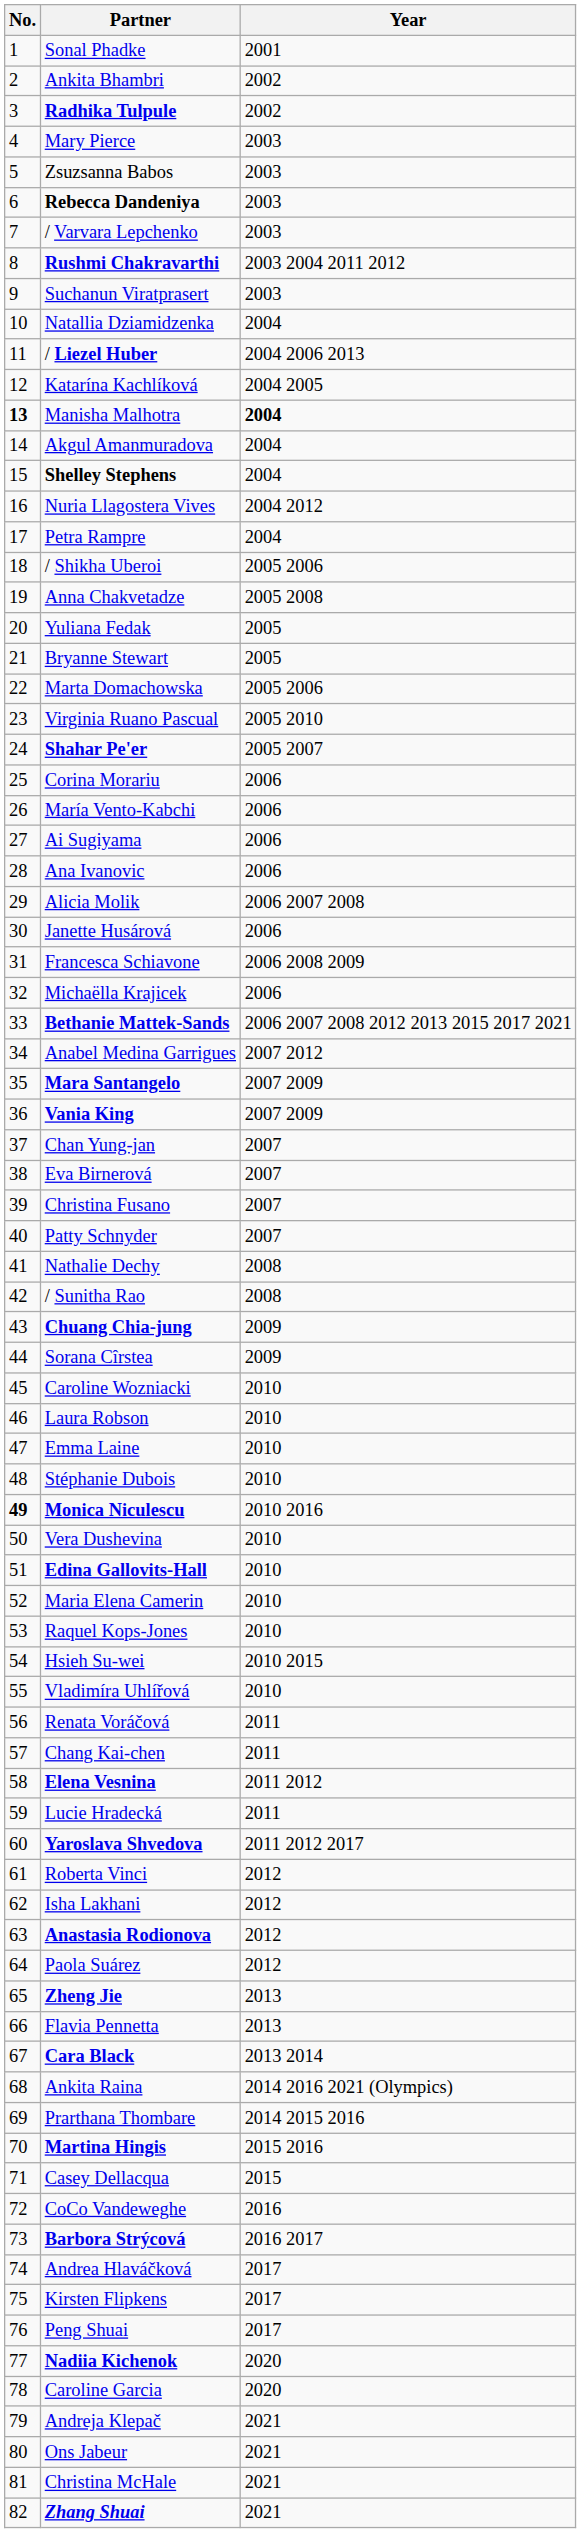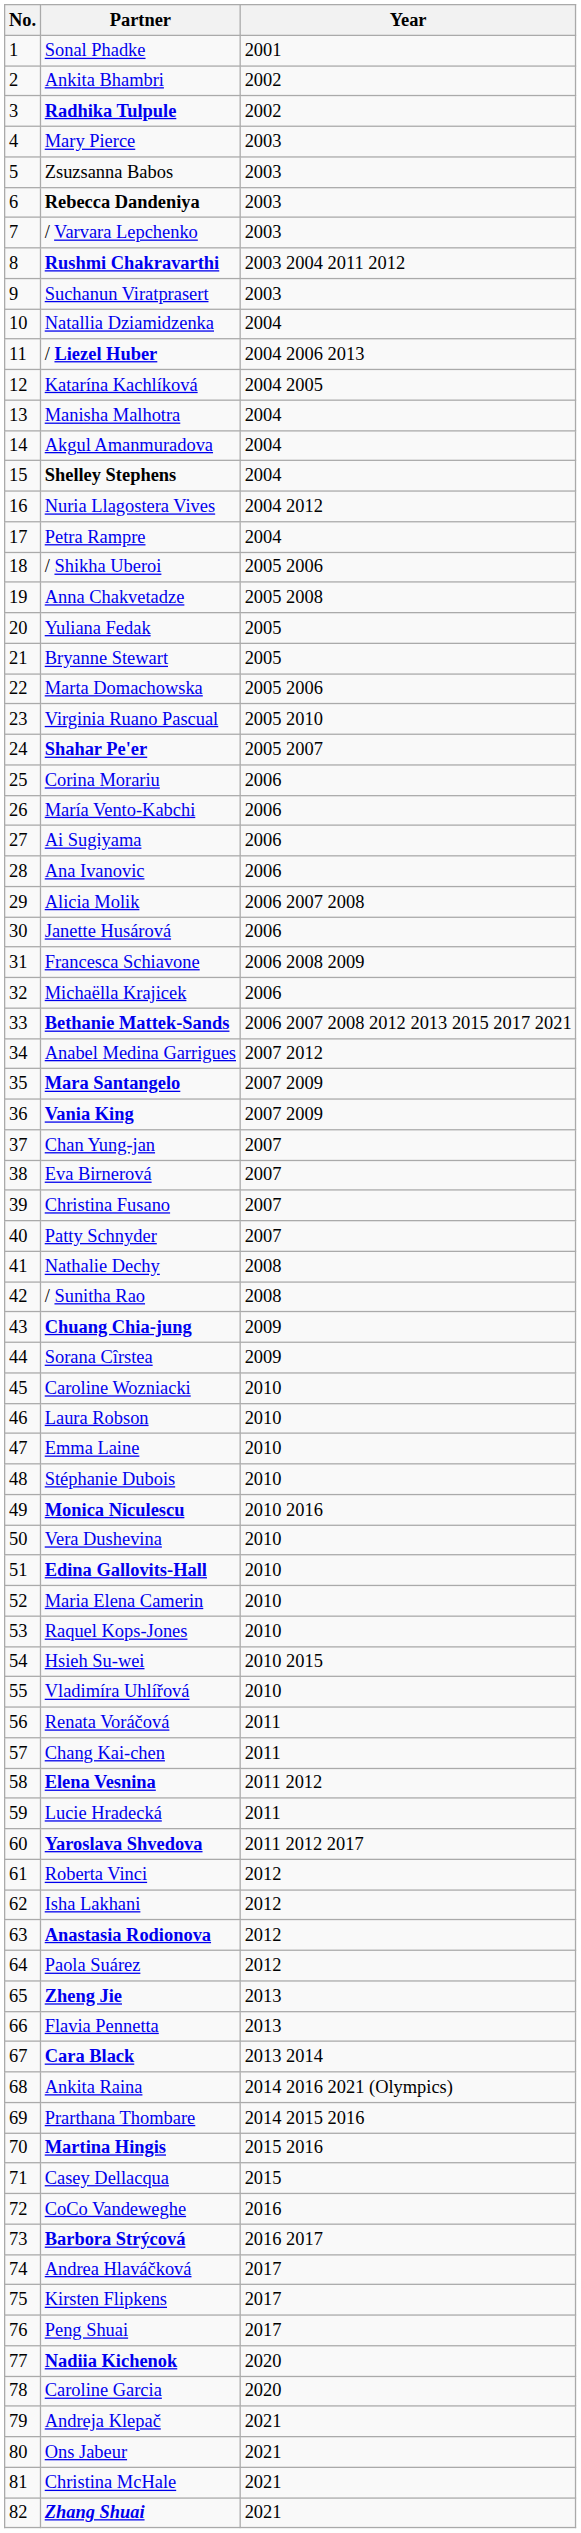 <table class=wikitable style=font-size:90%>
 <tr>
 <th>No.</th>
 <th>Partner</th>
 <th>Year</th>
 </tr>
 <tr>
 <td>1</td>
 <td> <a href='#'>Sonal Phadke</a></td>
 <td>2001</td>
 </tr>
 <tr>
 <td>2</td>
 <td> <a href='#'>Ankita Bhambri</a></td>
 <td>2002</td>
 </tr>
 <tr>
 <td>3</td>
 <td> <strong><a href='#'>Radhika Tulpule</a></strong></td>
 <td>2002</td>
 </tr>
 <tr>
 <td>4</td>
 <td> <a href='#'>Mary Pierce</a></td>
 <td>2003</td>
 </tr>
 <tr>
 <td>5</td>
 <td> Zsuzsanna Babos</td>
 <td>2003</td>
 </tr>
 <tr>
 <td>6</td>
 <td> <strong>Rebecca Dandeniya</strong></td>
 <td>2003</td>
 </tr>
 <tr>
 <td>7</td>
 <td>/ <a href='#'>Varvara Lepchenko</a></td>
 <td>2003</td>
 </tr>
 <tr>
 <td>8</td>
 <td> <strong><a href='#'>Rushmi Chakravarthi</a></strong></td>
 <td>2003 2004 2011 2012</td>
 </tr>
 <tr>
 <td>9</td>
 <td> <a href='#'>Suchanun Viratprasert</a></td>
 <td>2003</td>
 </tr>
 <tr>
 <td>10</td>
 <td> <a href='#'>Natallia Dziamidzenka</a></td>
 <td>2004</td>
 </tr>
 <tr>
 <td>11</td>
 <td>/ <strong><a href='#'>Liezel Huber</a></strong></td>
 <td>2004 2006 2013</td>
 </tr>
 <tr>
 <td>12</td>
 <td> <a href='#'>Katarína Kachlíková</a></td>
 <td>2004 2005</td>
 </tr>
 <tr>
-<td><strong>13</strong></td>
+<td>13</td>
 <td> <a href='#'>Manisha Malhotra</a></td>
-<td><strong>2004</strong></td>
+<td>2004</td>
 </tr>
 <tr>
 <td>14</td>
 <td> <a href='#'>Akgul Amanmuradova</a></td>
 <td>2004</td>
 </tr>
 <tr>
 <td>15</td>
 <td> <strong>Shelley Stephens</strong></td>
 <td>2004</td>
 </tr>
 <tr>
 <td>16</td>
 <td> <a href='#'>Nuria Llagostera Vives</a></td>
 <td>2004 2012</td>
 </tr>
 <tr>
 <td>17</td>
 <td> <a href='#'>Petra Rampre</a></td>
 <td>2004</td>
 </tr>
 <tr>
 <td>18</td>
 <td>/ <a href='#'>Shikha Uberoi</a></td>
 <td>2005 2006</td>
 </tr>
 <tr>
 <td>19</td>
 <td> <a href='#'>Anna Chakvetadze</a></td>
 <td>2005 2008</td>
 </tr>
 <tr>
 <td>20</td>
 <td> <a href='#'>Yuliana Fedak</a></td>
 <td>2005</td>
 </tr>
 <tr>
 <td>21</td>
 <td> <a href='#'>Bryanne Stewart</a></td>
 <td>2005</td>
 </tr>
 <tr>
 <td>22</td>
 <td> <a href='#'>Marta Domachowska</a></td>
 <td>2005 2006</td>
 </tr>
 <tr>
 <td>23</td>
 <td> <a href='#'>Virginia Ruano Pascual</a></td>
 <td>2005 2010</td>
 </tr>
 <tr>
 <td>24</td>
 <td> <strong><a href='#'>Shahar Pe'er</a></strong></td>
 <td>2005 2007</td>
 </tr>
 <tr>
 <td>25</td>
 <td> <a href='#'>Corina Morariu</a></td>
 <td>2006</td>
 </tr>
 <tr>
 <td>26</td>
 <td> <a href='#'>María Vento-Kabchi</a></td>
 <td>2006</td>
 </tr>
 <tr>
 <td>27</td>
 <td> <a href='#'>Ai Sugiyama</a></td>
 <td>2006</td>
 </tr>
 <tr>
 <td>28</td>
 <td> <a href='#'>Ana Ivanovic</a></td>
 <td>2006</td>
 </tr>
 <tr>
 <td>29</td>
 <td> <a href='#'>Alicia Molik</a></td>
 <td>2006 2007 2008</td>
 </tr>
 <tr>
 <td>30</td>
 <td> <a href='#'>Janette Husárová</a></td>
 <td>2006</td>
 </tr>
 <tr>
 <td>31</td>
 <td> <a href='#'>Francesca Schiavone</a></td>
 <td>2006 2008 2009</td>
 </tr>
 <tr>
 <td>32</td>
 <td> <a href='#'>Michaëlla Krajicek</a></td>
 <td>2006</td>
 </tr>
 <tr>
 <td>33</td>
 <td> <strong><a href='#'>Bethanie Mattek-Sands</a></strong></td>
 <td>2006 2007 2008 2012 2013 2015 2017 2021</td>
 </tr>
 <tr>
 <td>34</td>
 <td> <a href='#'>Anabel Medina Garrigues</a></td>
 <td>2007 2012</td>
 </tr>
 <tr>
 <td>35</td>
 <td> <strong><a href='#'>Mara Santangelo</a></strong></td>
 <td>2007 2009</td>
 </tr>
 <tr>
 <td>36</td>
 <td> <strong><a href='#'>Vania King</a></strong></td>
 <td>2007 2009</td>
 </tr>
 <tr>
 <td>37</td>
 <td> <a href='#'>Chan Yung-jan</a></td>
 <td>2007</td>
 </tr>
 <tr>
 <td>38</td>
 <td> <a href='#'>Eva Birnerová</a></td>
 <td>2007</td>
 </tr>
 <tr>
 <td>39</td>
 <td> <a href='#'>Christina Fusano</a></td>
 <td>2007</td>
 </tr>
 <tr>
 <td>40</td>
 <td> <a href='#'>Patty Schnyder</a></td>
 <td>2007</td>
 </tr>
 <tr>
 <td>41</td>
 <td> <a href='#'>Nathalie Dechy</a></td>
 <td>2008</td>
 </tr>
 <tr>
 <td>42</td>
 <td>/ <a href='#'>Sunitha Rao</a></td>
 <td>2008</td>
 </tr>
 <tr>
 <td>43</td>
 <td> <strong><a href='#'>Chuang Chia-jung</a></strong></td>
 <td>2009</td>
 </tr>
 <tr>
 <td>44</td>
 <td> <a href='#'>Sorana Cîrstea</a></td>
 <td>2009</td>
 </tr>
 <tr>
 <td>45</td>
 <td> <a href='#'>Caroline Wozniacki</a></td>
 <td>2010</td>
 </tr>
 <tr>
 <td>46</td>
 <td> <a href='#'>Laura Robson</a></td>
 <td>2010</td>
 </tr>
 <tr>
 <td>47</td>
 <td> <a href='#'>Emma Laine</a></td>
 <td>2010</td>
 </tr>
 <tr>
 <td>48</td>
 <td> <a href='#'>Stéphanie Dubois</a></td>
 <td>2010</td>
 </tr>
 <tr>
-<td><strong>49</strong></td>
+<td>49</td>
 <td> <strong><a href='#'>Monica Niculescu</a></strong></td>
 <td>2010 2016</td>
 </tr>
 <tr>
 <td>50</td>
 <td> <a href='#'>Vera Dushevina</a></td>
 <td>2010</td>
 </tr>
 <tr>
 <td>51</td>
 <td> <strong><a href='#'>Edina Gallovits-Hall</a></strong></td>
 <td>2010</td>
 </tr>
 <tr>
 <td>52</td>
 <td> <a href='#'>Maria Elena Camerin</a></td>
 <td>2010</td>
 </tr>
 <tr>
 <td>53</td>
 <td> <a href='#'>Raquel Kops-Jones</a></td>
 <td>2010</td>
 </tr>
 <tr>
 <td>54</td>
 <td> <a href='#'>Hsieh Su-wei</a></td>
 <td>2010 2015</td>
 </tr>
 <tr>
 <td>55</td>
 <td> <a href='#'>Vladimíra Uhlířová</a></td>
 <td>2010</td>
 </tr>
 <tr>
 <td>56</td>
 <td> <a href='#'>Renata Voráčová</a></td>
 <td>2011</td>
 </tr>
 <tr>
 <td>57</td>
 <td> <a href='#'>Chang Kai-chen</a></td>
 <td>2011</td>
 </tr>
 <tr>
 <td>58</td>
 <td> <strong><a href='#'>Elena Vesnina</a></strong></td>
 <td>2011 2012</td>
 </tr>
 <tr>
 <td>59</td>
 <td> <a href='#'>Lucie Hradecká</a></td>
 <td>2011</td>
 </tr>
 <tr>
 <td>60</td>
 <td> <strong><a href='#'>Yaroslava Shvedova</a></strong></td>
 <td>2011 2012 2017</td>
 </tr>
 <tr>
 <td>61</td>
 <td> <a href='#'>Roberta Vinci</a></td>
 <td>2012</td>
 </tr>
 <tr>
 <td>62</td>
 <td> <a href='#'>Isha Lakhani</a></td>
 <td>2012</td>
 </tr>
 <tr>
 <td>63</td>
 <td> <strong><a href='#'>Anastasia Rodionova</a></strong></td>
 <td>2012</td>
 </tr>
 <tr>
 <td>64</td>
 <td> <a href='#'>Paola Suárez</a></td>
 <td>2012</td>
 </tr>
 <tr>
 <td>65</td>
 <td> <strong><a href='#'>Zheng Jie</a></strong></td>
 <td>2013</td>
 </tr>
 <tr>
 <td>66</td>
 <td> <a href='#'>Flavia Pennetta</a></td>
 <td>2013</td>
 </tr>
 <tr>
 <td>67</td>
 <td> <strong><a href='#'>Cara Black</a></strong></td>
 <td>2013 2014</td>
 </tr>
 <tr>
 <td>68</td>
 <td> <a href='#'>Ankita Raina</a></td>
 <td>2014 2016 2021 (Olympics)</td>
 </tr>
 <tr>
 <td>69</td>
 <td> <a href='#'>Prarthana Thombare</a></td>
 <td>2014 2015 2016</td>
 </tr>
 <tr>
 <td>70</td>
 <td> <strong><a href='#'>Martina Hingis</a></strong></td>
 <td>2015 2016</td>
 </tr>
 <tr>
 <td>71</td>
 <td> <a href='#'>Casey Dellacqua</a></td>
 <td>2015</td>
 </tr>
 <tr>
 <td>72</td>
 <td> <a href='#'>CoCo Vandeweghe</a></td>
 <td>2016</td>
 </tr>
 <tr>
 <td>73</td>
 <td> <strong><a href='#'>Barbora Strýcová</a></strong></td>
 <td>2016 2017</td>
 </tr>
 <tr>
 <td>74</td>
 <td> <a href='#'>Andrea Hlaváčková</a></td>
 <td>2017</td>
 </tr>
 <tr>
 <td>75</td>
 <td> <a href='#'>Kirsten Flipkens</a></td>
 <td>2017</td>
 </tr>
 <tr>
 <td>76</td>
 <td> <a href='#'>Peng Shuai</a></td>
 <td>2017</td>
 </tr>
 <tr>
 <td>77</td>
 <td> <strong><a href='#'>Nadiia Kichenok</a></strong></td>
 <td>2020</td>
 </tr>
 <tr>
 <td>78</td>
 <td> <a href='#'>Caroline Garcia</a></td>
 <td>2020</td>
 </tr>
 <tr>
 <td>79</td>
 <td> <a href='#'>Andreja Klepač</a></td>
 <td>2021</td>
 </tr>
 <tr>
 <td>80</td>
 <td> <a href='#'>Ons Jabeur</a></td>
 <td>2021</td>
 </tr>
 <tr>
 <td>81</td>
 <td> <a href='#'>Christina McHale</a></td>
 <td>2021</td>
 </tr>
 <tr>
 <td>82</td>
 <td> <strong><em><a href='#'>Zhang Shuai</a></em></strong></td>
 <td>2021</td>
 </tr>
 </table>
